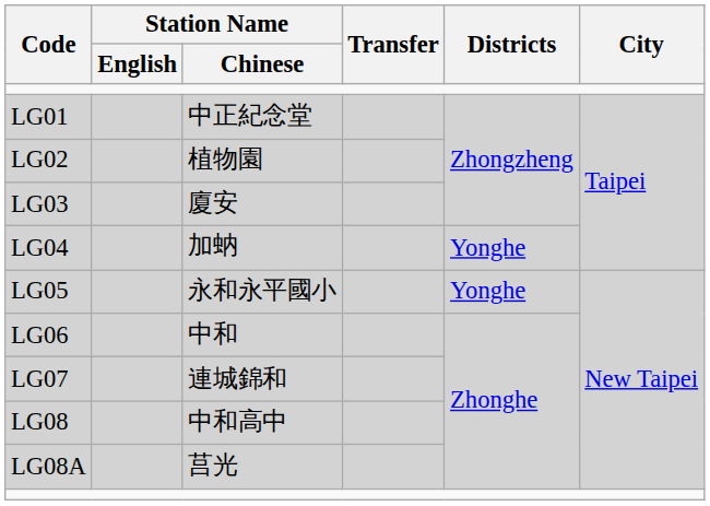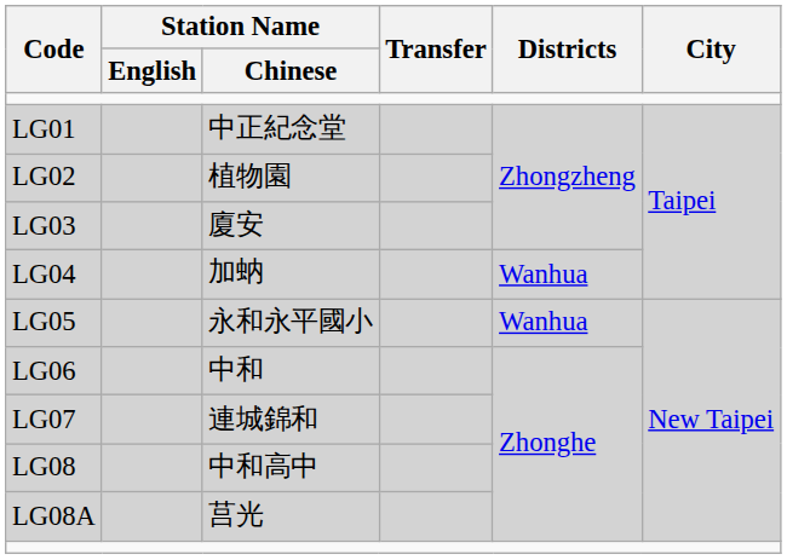 <table class="wikitable">
 <tr>
 <th rowspan="2">Code</th>
 <th colspan="2">Station Name</th>
 <th rowspan="2">Transfer</th>
 <th rowspan="2">Districts</th>
 <th rowspan="2">City</th>
 </tr>
 <tr>
 <th>English</th>
 <th>Chinese</th>
 </tr>
 <tr>
 <td colspan = "6"></td>
 </tr>
 <tr bgcolor = "lightgrey">
 <td>LG01</td>
 <td></td>
 <td>中正紀念堂</td>
 <td> </td>
 <td rowspan="3"><a href='#'>Zhongzheng</a></td>
 <td rowspan="4"><a href='#'>Taipei</a></td>
 </tr>
 <tr bgcolor = "lightgrey">
 <td>LG02</td>
 <td></td>
 <td>植物園</td>
 <td></td>
 </tr>
 <tr bgcolor = "lightgrey">
 <td>LG03</td>
 <td></td>
 <td>廈安</td>
 <td></td>
 </tr>
 <tr bgcolor = "lightgrey">
 <td>LG04</td>
 <td></td>
 <td>加蚋</td>
 <td></td>
-<td><a href='#'>Yonghe</a></td>
+<td rowspan="1"><a href='#'>Wanhua</a></td>
 </tr>
 <tr bgcolor = "lightgrey">
 <td>LG05</td>
 <td></td>
 <td>永和永平國小</td>
 <td></td>
-<td><a href='#'>Yonghe</a></td>
+<td rowspan="1"><a href='#'>Wanhua</a></td>
 <td rowspan="5"><a href='#'>New Taipei</a></td>
 </tr>
 <tr bgcolor = "lightgrey">
 <td>LG06</td>
 <td></td>
 <td>中和</td>
 <td></td>
 <td rowspan="4"><a href='#'>Zhonghe</a></td>
 </tr>
 <tr bgcolor = "lightgrey">
 <td>LG07</td>
 <td></td>
 <td>連城錦和</td>
 <td></td>
 </tr>
 <tr bgcolor = "lightgrey">
 <td>LG08</td>
 <td></td>
 <td>中和高中</td>
 <td></td>
 </tr>
 <tr bgcolor = "lightgrey">
 <td>LG08A</td>
 <td></td>
 <td>莒光</td>
 <td></td>
 </tr>
 <tr>
 <td colspan = "6"></td>
 </tr>
 </table>
